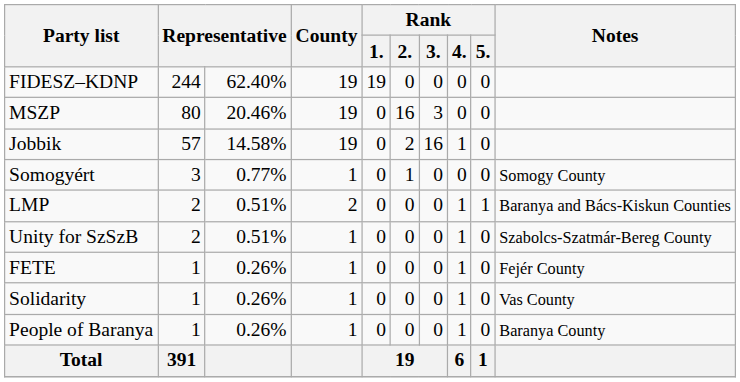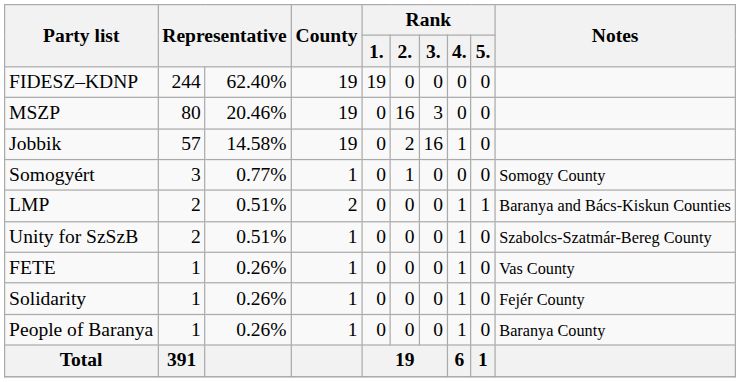 <table class="wikitable sortable" style="text-align:right;">
 <tr>
 <th rowspan=2>Party list</th>
 <th rowspan=2 colspan=2>Representative</th>
 <th rowspan=2>County</th>
 <th colspan=5>Rank</th>
 <th rowspan=2 class="unsortable">Notes</th>
 </tr>
 <tr>
 <th>1.</th>
 <th>2.</th>
 <th>3.</th>
 <th>4.</th>
 <th>5.</th>
 </tr>
 <tr>
 <td align=left>FIDESZ–KDNP</td>
 <td>244</td>
 <td>62.40%</td>
 <td>19</td>
 <td>19</td>
 <td>0</td>
 <td>0</td>
 <td>0</td>
 <td>0</td>
 <td align=left></td>
 </tr>
 <tr>
 <td align=left>MSZP</td>
 <td>80</td>
 <td>20.46%</td>
 <td>19</td>
 <td>0</td>
 <td>16</td>
 <td>3</td>
 <td>0</td>
 <td>0</td>
 <td align=left></td>
 </tr>
 <tr>
 <td align=left>Jobbik</td>
 <td>57</td>
 <td>14.58%</td>
 <td>19</td>
 <td>0</td>
 <td>2</td>
 <td>16</td>
 <td>1</td>
 <td>0</td>
 <td align=left></td>
 </tr>
 <tr>
 <td align=left>Somogyért</td>
 <td>3</td>
 <td>0.77%</td>
 <td>1</td>
 <td>0</td>
 <td>1</td>
 <td>0</td>
 <td>0</td>
 <td>0</td>
 <td align=left><small>Somogy County</small></td>
 </tr>
 <tr>
 <td align=left>LMP</td>
 <td>2</td>
 <td>0.51%</td>
 <td>2</td>
 <td>0</td>
 <td>0</td>
 <td>0</td>
 <td>1</td>
 <td>1</td>
 <td align=left><small>Baranya and Bács-Kiskun Counties</small></td>
 </tr>
 <tr>
 <td align=left>Unity for SzSzB</td>
 <td>2</td>
 <td>0.51%</td>
 <td>1</td>
 <td>0</td>
 <td>0</td>
 <td>0</td>
 <td>1</td>
 <td>0</td>
 <td align=left><small>Szabolcs-Szatmár-Bereg County</small></td>
 </tr>
 <tr>
 <td align=left>FETE</td>
 <td>1</td>
 <td>0.26%</td>
 <td>1</td>
 <td>0</td>
 <td>0</td>
 <td>0</td>
 <td>1</td>
 <td>0</td>
-<td align=left><small>Fejér County</small></td>
+<td align=left><small>Vas County</small></td>
 </tr>
 <tr>
 <td align=left>Solidarity</td>
 <td>1</td>
 <td>0.26%</td>
 <td>1</td>
 <td>0</td>
 <td>0</td>
 <td>0</td>
 <td>1</td>
 <td>0</td>
-<td align=left><small>Vas County</small></td>
+<td align=left><small>Fejér County</small></td>
 </tr>
 <tr>
 <td align=left>People of Baranya</td>
 <td>1</td>
 <td>0.26%</td>
 <td>1</td>
 <td>0</td>
 <td>0</td>
 <td>0</td>
 <td>1</td>
 <td>0</td>
 <td align=left><small>Baranya County</small></td>
 </tr>
 <tr>
 <th>Total</th>
 <th>391</th>
 <th></th>
 <th></th>
 <th colspan=3>19</th>
 <th>6</th>
 <th>1</th>
 <th></th>
 </tr>
 <tr>
 </tr>
 </table>
